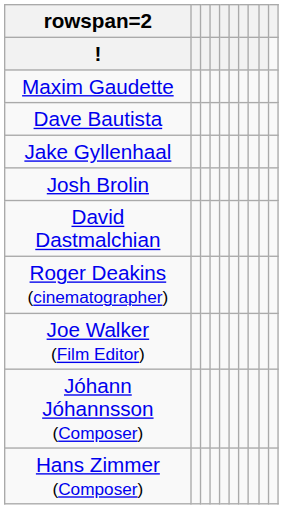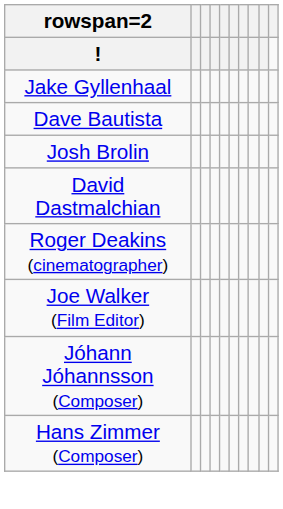 <table class="wikitable" style="text-align:center;font-size:95%;vertical-align:bottom;">
 <tr>
 <th>rowspan=2 </th>
 <th></th>
 <th></th>
 <th></th>
 <th></th>
 <th></th>
 <th></th>
 <th></th>
 <th></th>
 <th></th>
 </tr>
 <tr>
 <th>! </th>
 <th></th>
 <th></th>
 <th></th>
 <th></th>
 <th></th>
 <th></th>
 <th></th>
 <th></th>
 </tr>
 <tr>
-<td><a href='#'>Maxim Gaudette</a></td>
+<td width="130"><a href='#'>Jake Gyllenhaal</a></td>
 <td></td>
 <td></td>
 <td></td>
 <td></td>
 <td></td>
 <td></td>
 <td></td>
 <td></td>
 <td></td>
 </tr>
 <tr>
 <td width="130"><a href='#'>Dave Bautista</a></td>
-<td></td>
-<td></td>
-<td></td>
-<td></td>
-<td></td>
-<td></td>
-<td></td>
-<td></td>
-<td></td>
-</tr>
-<tr>
-<td width="130"><a href='#'>Jake Gyllenhaal</a></td>
 <td></td>
 <td></td>
 <td></td>
 <td></td>
 <td></td>
 <td></td>
 <td></td>
 <td></td>
 <td></td>
 </tr>
 <tr>
 <td width=65><a href='#'>Josh Brolin</a></td>
 <td></td>
 <td></td>
 <td></td>
 <td></td>
 <td></td>
 <td></td>
 <td></td>
 <td></td>
 <td></td>
 </tr>
 <tr>
 <td><a href='#'>David Dastmalchian</a></td>
 <td></td>
 <td></td>
 <td></td>
 <td></td>
 <td></td>
 <td></td>
 <td></td>
 <td></td>
 <td></td>
 </tr>
 <tr>
 <td><a href='#'>Roger Deakins</a><br><small>(<a href='#'>cinematographer</a>)</small></td>
 <td></td>
 <td></td>
 <td></td>
 <td></td>
 <td></td>
 <td></td>
 <td></td>
 <td></td>
 <td></td>
 </tr>
 <tr>
 <td><a href='#'>Joe Walker</a><br><small>(<a href='#'>Film Editor</a>)</small></td>
 <td></td>
 <td></td>
 <td></td>
 <td></td>
 <td></td>
 <td></td>
 <td></td>
 <td></td>
 <td></td>
 </tr>
 <tr>
 <td><a href='#'>Jóhann Jóhannsson</a><br><small>(<a href='#'>Composer</a>)</small></td>
 <td></td>
 <td></td>
 <td></td>
 <td></td>
 <td></td>
 <td></td>
 <td></td>
 <td></td>
 <td></td>
 </tr>
 <tr>
 <td><a href='#'>Hans Zimmer</a><br><small>(<a href='#'>Composer</a>)</small></td>
 <td></td>
 <td></td>
 <td></td>
 <td></td>
 <td></td>
 <td></td>
 <td></td>
 <td></td>
 <td></td>
 </tr>
 </table>
